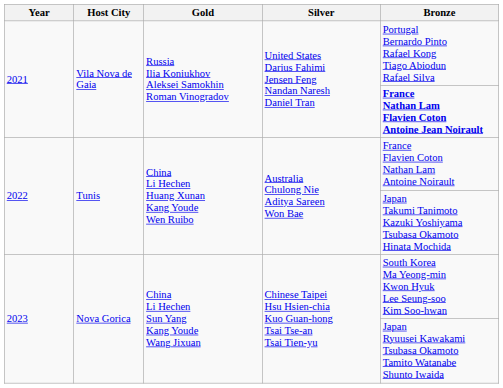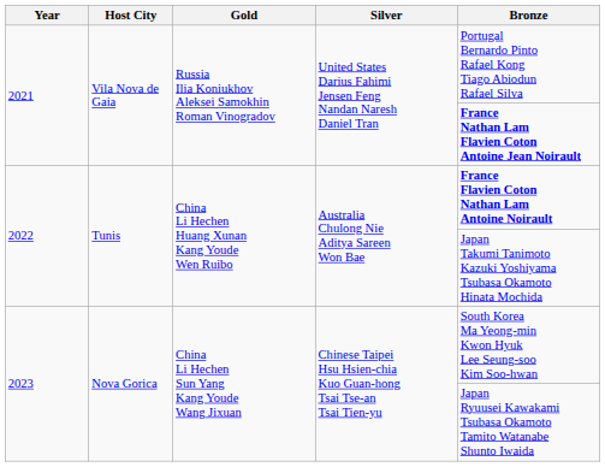 <table class="wikitable" style="text-align: left; width: 750px;">
 <tr>
 <th width="100">Year</th>
 <th width="100">Host City</th>
 <th width="175">Gold</th>
 <th width="175">Silver</th>
 <th width="175">Bronze</th>
 </tr>
 <tr>
 <td rowspan="2"><a href='#'>2021</a></td>
 <td rowspan="2"><a href='#'>Vila Nova de Gaia</a></td>
 <td rowspan="2"> <a href='#'>Russia</a><br><a href='#'>Ilia Koniukhov</a><br><a href='#'>Aleksei Samokhin</a><br><a href='#'>Roman Vinogradov</a></td>
 <td rowspan="2"> <a href='#'>United States</a><br><a href='#'>Darius Fahimi</a><br><a href='#'>Jensen Feng</a><br><a href='#'>Nandan Naresh</a><br><a href='#'>Daniel Tran</a></td>
 <td> <a href='#'>Portugal</a><br><a href='#'>Bernardo Pinto</a><br><a href='#'>Rafael Kong</a><br><a href='#'>Tiago Abiodun</a><br><a href='#'>Rafael Silva</a></td>
 </tr>
 <tr>
 <td><strong> <a href='#'>France</a><br><a href='#'>Nathan Lam</a><br><a href='#'>Flavien Coton</a><br><a href='#'>Antoine Jean Noirault</a></strong></td>
 </tr>
 <tr>
 <td rowspan="2"><a href='#'>2022</a></td>
 <td rowspan="2"><a href='#'>Tunis</a></td>
 <td rowspan="2"> <a href='#'>China</a><br><a href='#'>Li Hechen</a><br><a href='#'>Huang Xunan</a><br><a href='#'>Kang Youde</a><br><a href='#'>Wen Ruibo</a></td>
 <td rowspan="2"> <a href='#'>Australia</a><br><a href='#'>Chulong Nie</a><br><a href='#'>Aditya Sareen</a><br><a href='#'>Won Bae</a></td>
-<td> <a href='#'>France</a><br><a href='#'>Flavien Coton</a><br><a href='#'>Nathan Lam</a><br><a href='#'>Antoine Noirault</a></td>
+<td><strong> <a href='#'>France</a><br><a href='#'>Flavien Coton</a><br><a href='#'>Nathan Lam</a><br><a href='#'>Antoine Noirault</a></strong></td>
 </tr>
 <tr>
 <td> <a href='#'>Japan</a><br><a href='#'>Takumi Tanimoto</a><br><a href='#'>Kazuki Yoshiyama</a><br><a href='#'>Tsubasa Okamoto</a><br><a href='#'>Hinata Mochida</a></td>
 </tr>
 <tr>
 <td rowspan="2"><a href='#'>2023</a></td>
 <td rowspan="2"><a href='#'>Nova Gorica</a></td>
 <td rowspan=2> <a href='#'>China</a><br><a href='#'>Li Hechen</a><br><a href='#'>Sun Yang</a><br><a href='#'>Kang Youde</a><br><a href='#'>Wang Jixuan</a></td>
 <td rowspan=2> <a href='#'>Chinese Taipei</a><br><a href='#'>Hsu Hsien-chia</a><br><a href='#'>Kuo Guan-hong</a><br><a href='#'>Tsai Tse-an</a><br><a href='#'>Tsai Tien-yu</a></td>
 <td> <a href='#'>South Korea</a><br><a href='#'>Ma Yeong-min</a><br><a href='#'>Kwon Hyuk</a><br><a href='#'>Lee Seung-soo</a><br><a href='#'>Kim Soo-hwan</a></td>
 </tr>
 <tr>
 <td> <a href='#'>Japan</a><br><a href='#'>Ryuusei Kawakami</a><br><a href='#'>Tsubasa Okamoto</a><br><a href='#'>Tamito Watanabe</a><br><a href='#'>Shunto Iwaida</a></td>
 </tr>
 </table>
